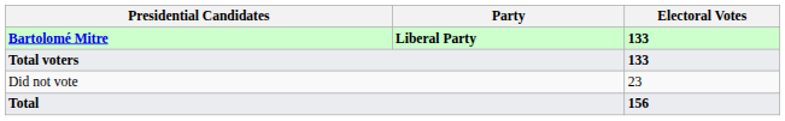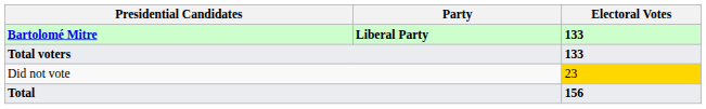 <table class="wikitable" width="45%">
 <tr>
 <th width="50%">Presidential Candidates</th>
 <th width="30%">Party</th>
 <th width="20%">Electoral Votes</th>
 </tr>
 <tr style="background:#cfc;">
 <td><strong><a href='#'>Bartolomé Mitre</a></strong></td>
 <td><strong>Liberal Party</strong></td>
 <td><strong>133</strong></td>
 </tr>
 <tr style="background:#EAECF0;">
 <td colspan=2><strong>Total voters</strong></td>
 <td><strong>133</strong></td>
 </tr>
 <tr>
 <td colspan=2>Did not vote</td>
-<td>23</td>
+<td style="background: gold;">23</td>
 </tr>
 <tr style="background:#EAECF0;">
 <td colspan=2><strong>Total</strong></td>
 <td><strong>156</strong></td>
 </tr>
 </table>
